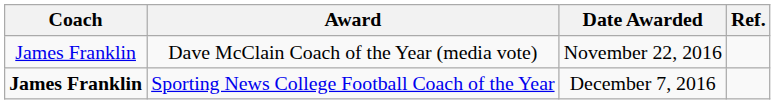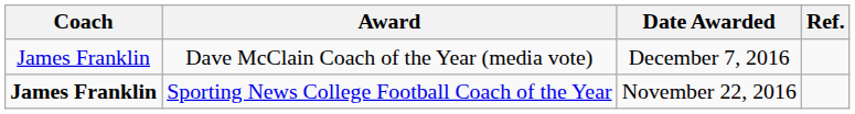 <table class="wikitable sortable sortable" style="text-align: center">
 <tr>
 <th>Coach</th>
 <th>Award</th>
 <th>Date Awarded</th>
 <th>Ref.</th>
 </tr>
 <tr>
 <td><a href='#'>James Franklin</a></td>
 <td>Dave McClain Coach of the Year (media vote)</td>
-<td>November 22, 2016</td>
+<td>December 7, 2016</td>
 <td></td>
 </tr>
 <tr>
 <td><strong>James Franklin</strong></td>
 <td><a href='#'>Sporting News College Football Coach of the Year</a></td>
-<td>December 7, 2016</td>
+<td>November 22, 2016</td>
 <td></td>
 </tr>
 </table>
